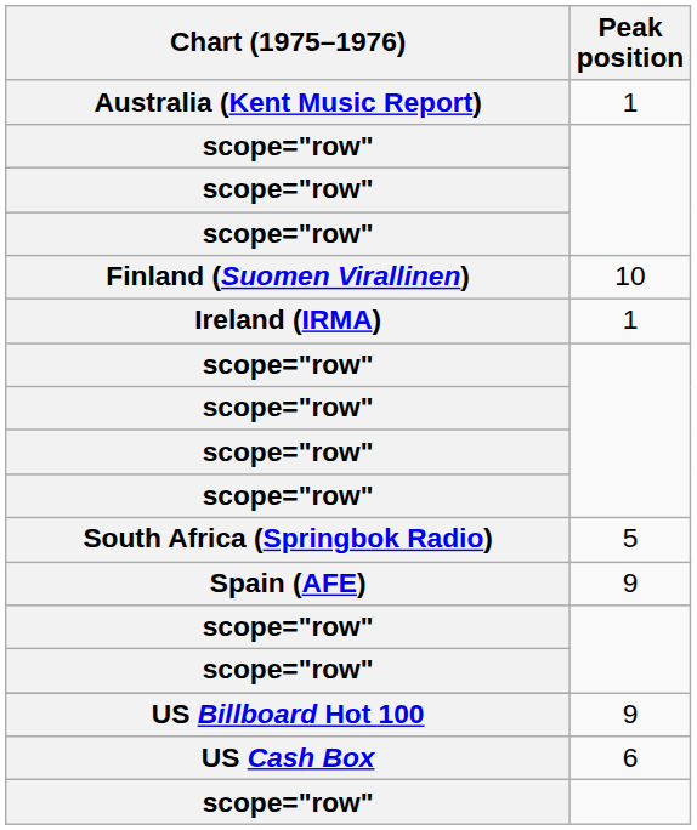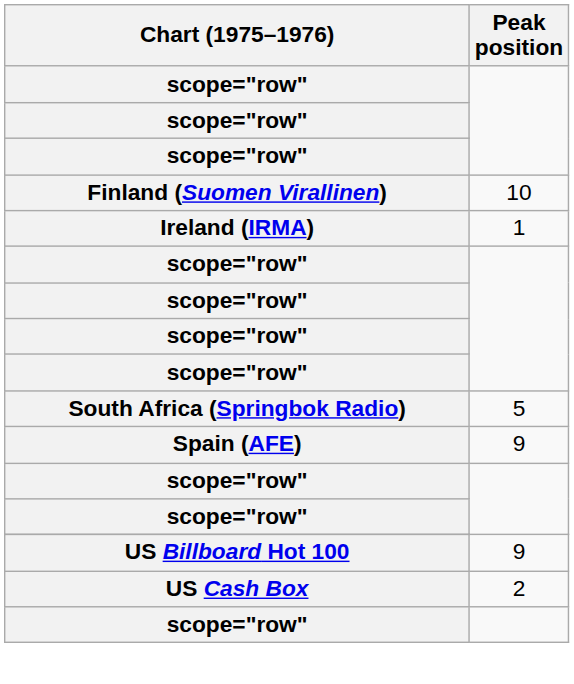 <table class="wikitable sortable plainrowheaders" style="text-align:center">
 <tr>
 <th scope="col" style="width:20em;">Chart (1975–1976)</th>
 <th scope="col">Peak<br>position</th>
-</tr>
-<tr>
-<th scope="row">Australia (<a href='#'>Kent Music Report</a>)</th>
-<td>1</td>
 </tr>
 <tr>
 <th>scope="row"</th>
 </tr>
 <tr>
 <th>scope="row"</th>
 </tr>
 <tr>
 <th>scope="row"</th>
 </tr>
 <tr>
 <th scope="row">Finland (<a href='#'><em>Suomen Virallinen</em></a>)</th>
 <td align="center">10</td>
 </tr>
 <tr>
 <th scope="row">Ireland (<a href='#'>IRMA</a>)</th>
 <td align="center">1</td>
 </tr>
 <tr>
 <th>scope="row"</th>
 </tr>
 <tr>
 <th>scope="row"</th>
 </tr>
 <tr>
 <th>scope="row"</th>
 </tr>
 <tr>
 <th>scope="row"</th>
 </tr>
 <tr>
 <th scope="row">South Africa (<a href='#'>Springbok Radio</a>)</th>
 <td>5</td>
 </tr>
 <tr>
 <th scope="row">Spain (<a href='#'>AFE</a>)</th>
 <td>9</td>
 </tr>
 <tr>
 <th>scope="row"</th>
 </tr>
 <tr>
 <th>scope="row"</th>
 </tr>
 <tr>
 </tr>
 <tr>
 <th scope="row">US <a href='#'><em>Billboard</em> Hot 100</a></th>
 <td>9</td>
 </tr>
 <tr>
 <th scope="row">US <em><a href='#'>Cash Box</a></em></th>
-<td>6</td>
+<td>2</td>
 </tr>
 <tr>
 <th>scope="row"</th>
 </tr>
 </table>
